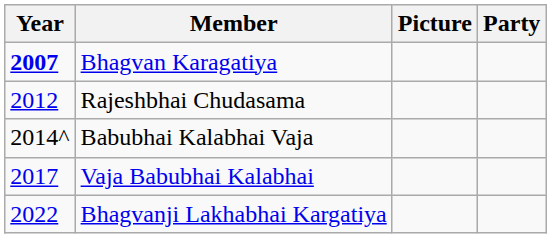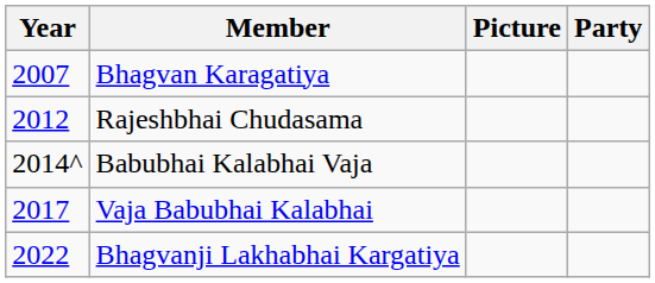 <table class="wikitable sortable">
 <tr>
 <th>Year</th>
 <th>Member</th>
 <th>Picture</th>
 <th colspan="2">Party</th>
 </tr>
 <tr>
-<td><strong><a href='#'>2007</a></strong></td>
+<td><a href='#'>2007</a></td>
 <td><a href='#'>Bhagvan Karagatiya</a></td>
 <td></td>
 <td></td>
 </tr>
 <tr>
 <td><a href='#'>2012</a></td>
 <td>Rajeshbhai Chudasama</td>
 <td></td>
 </tr>
 <tr>
 <td>2014^</td>
 <td>Babubhai Kalabhai Vaja</td>
 <td></td>
 <td></td>
 </tr>
 <tr>
 <td><a href='#'>2017</a></td>
 <td><a href='#'>Vaja Babubhai Kalabhai</a></td>
 <td></td>
 </tr>
 <tr>
 <td><a href='#'>2022</a></td>
 <td><a href='#'>Bhagvanji Lakhabhai Kargatiya</a></td>
 <td></td>
 <td></td>
 </tr>
 </table>
